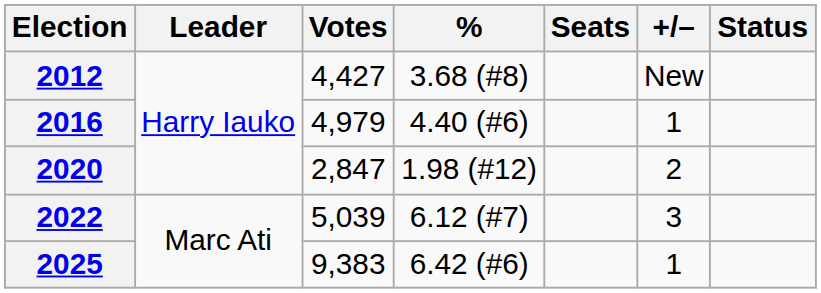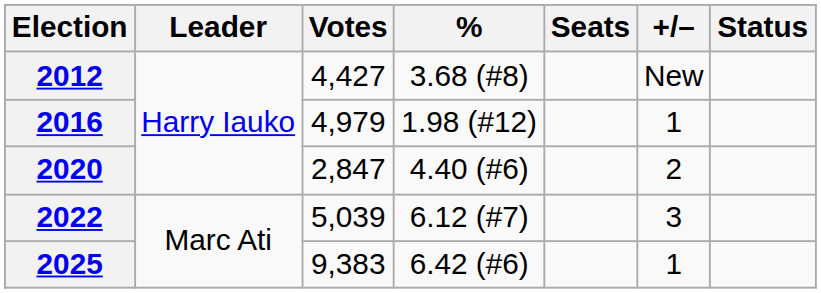 <table class="wikitable" style="text-align:center">
 <tr>
 <th>Election</th>
 <th>Leader</th>
 <th>Votes</th>
 <th>%</th>
 <th>Seats</th>
 <th>+/–</th>
 <th>Status</th>
 </tr>
 <tr>
 <th><a href='#'>2012</a></th>
 <td rowspan=3><a href='#'>Harry Iauko</a></td>
 <td>4,427</td>
 <td>3.68 (#8)</td>
 <td></td>
 <td>New</td>
 <td></td>
 </tr>
 <tr>
 <th><a href='#'>2016</a></th>
 <td>4,979</td>
-<td>4.40 (#6)</td>
+<td>1.98 (#12)</td>
 <td></td>
 <td> 1</td>
 <td></td>
 </tr>
 <tr>
 <th><a href='#'>2020</a></th>
 <td>2,847</td>
-<td>1.98 (#12)</td>
+<td>4.40 (#6)</td>
 <td></td>
 <td> 2</td>
 <td></td>
 </tr>
 <tr>
 <th><a href='#'>2022</a></th>
 <td rowspan=2>Marc Ati</td>
 <td>5,039</td>
 <td>6.12 (#7)</td>
 <td></td>
 <td> 3</td>
 <td></td>
 </tr>
 <tr>
 <th><a href='#'>2025</a></th>
 <td>9,383</td>
 <td>6.42 (#6)</td>
 <td></td>
 <td> 1</td>
 <td></td>
 </tr>
 </table>
